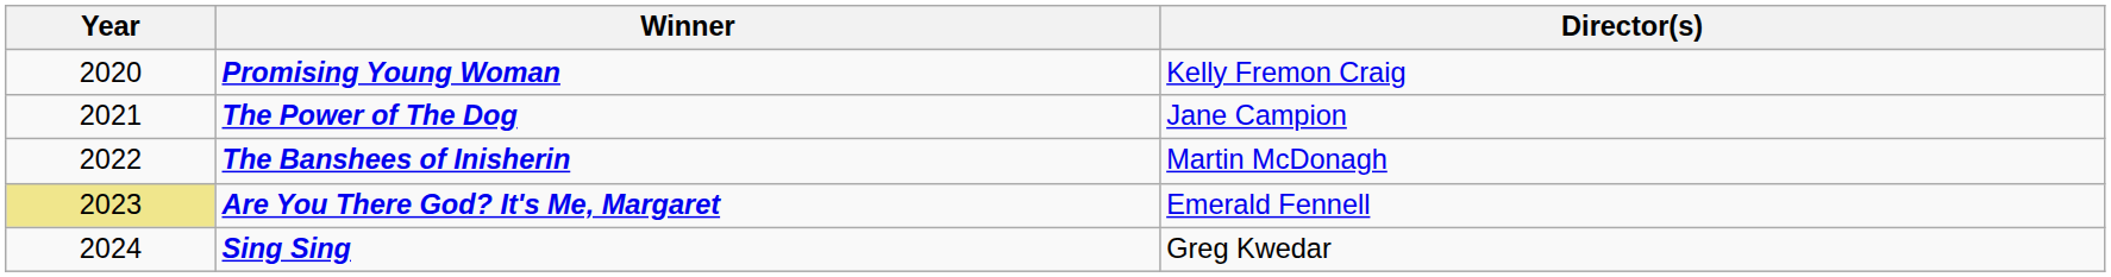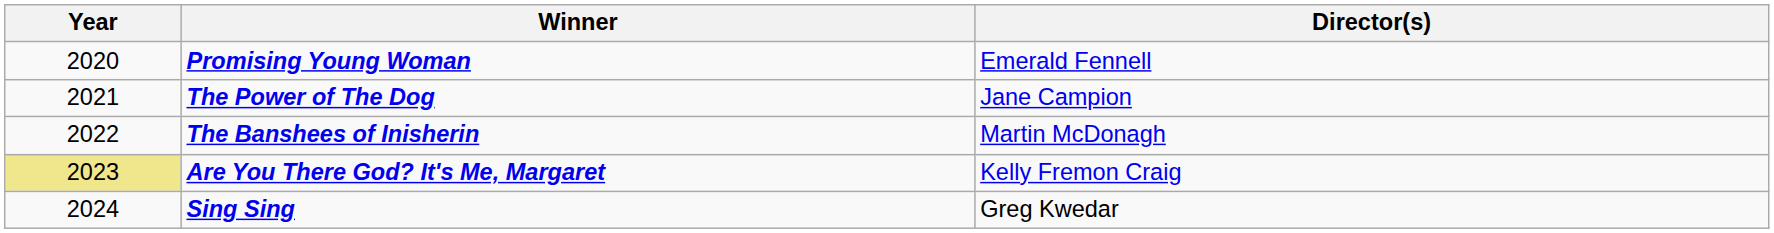 <table class="wikitable" width="95%" cellpadding="5">
 <tr>
 <th width="10%">Year</th>
 <th width="45%">Winner</th>
 <th width="45%">Director(s)</th>
 </tr>
 <tr>
 <td style="text-align:center;">2020</td>
 <td><strong> <em><a href='#'>Promising Young Woman</a></em> </strong></td>
-<td><a href='#'>Kelly Fremon Craig</a></td>
+<td><a href='#'>Emerald Fennell</a></td>
 </tr>
 <tr>
 <td style="text-align:center;">2021</td>
 <td><a href='#'><strong><em>The Power of The Dog</em></strong></a></td>
 <td><a href='#'>Jane Campion</a></td>
 </tr>
 <tr>
 <td style="text-align:center;">2022</td>
 <td><strong><em><a href='#'>The Banshees of Inisherin</a></em></strong></td>
 <td><a href='#'>Martin McDonagh</a></td>
 </tr>
 <tr>
 <td style="background: khaki; text-align:center;">2023</td>
 <td><strong><em><a href='#'>Are You There God? It's Me, Margaret</a></em></strong></td>
-<td><a href='#'>Emerald Fennell</a></td>
+<td><a href='#'>Kelly Fremon Craig</a></td>
 </tr>
 <tr>
 <td style="text-align:center;">2024</td>
 <td><strong><em><a href='#'>Sing Sing</a></em></strong></td>
 <td>Greg Kwedar</td>
 </tr>
 </table>
